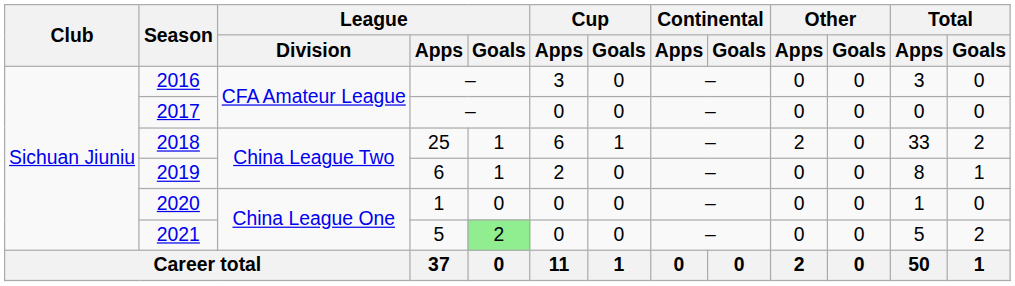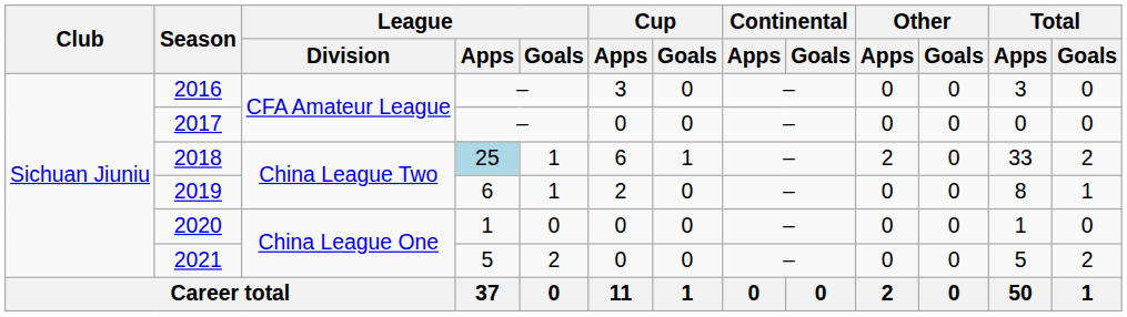 <table class="wikitable" style="text-align: center">
 <tr>
 <th rowspan="2">Club</th>
 <th rowspan="2">Season</th>
 <th colspan="3">League</th>
 <th colspan="2">Cup</th>
 <th colspan="2">Continental</th>
 <th colspan="2">Other</th>
 <th colspan="2">Total</th>
 </tr>
 <tr>
 <th>Division</th>
 <th>Apps</th>
 <th>Goals</th>
 <th>Apps</th>
 <th>Goals</th>
 <th>Apps</th>
 <th>Goals</th>
 <th>Apps</th>
 <th>Goals</th>
 <th>Apps</th>
 <th>Goals</th>
 </tr>
 <tr>
 <td rowspan="6"><a href='#'>Sichuan Jiuniu</a></td>
 <td><a href='#'>2016</a></td>
 <td rowspan="2"><a href='#'>CFA Amateur League</a></td>
 <td colspan="2">–</td>
 <td>3</td>
 <td>0</td>
 <td colspan="2">–</td>
 <td>0</td>
 <td>0</td>
 <td>3</td>
 <td>0</td>
 </tr>
 <tr>
 <td><a href='#'>2017</a></td>
 <td colspan="2">–</td>
 <td>0</td>
 <td>0</td>
 <td colspan="2">–</td>
 <td>0</td>
 <td>0</td>
 <td>0</td>
 <td>0</td>
 </tr>
 <tr>
 <td><a href='#'>2018</a></td>
 <td rowspan="2"><a href='#'>China League Two</a></td>
-<td>25</td>
+<td style="background: lightblue;">25</td>
 <td>1</td>
 <td>6</td>
 <td>1</td>
 <td colspan="2">–</td>
 <td>2</td>
 <td>0</td>
 <td>33</td>
 <td>2</td>
 </tr>
 <tr>
 <td><a href='#'>2019</a></td>
 <td>6</td>
 <td>1</td>
 <td>2</td>
 <td>0</td>
 <td colspan="2">–</td>
 <td>0</td>
 <td>0</td>
 <td>8</td>
 <td>1</td>
 </tr>
 <tr>
 <td><a href='#'>2020</a></td>
 <td rowspan="2"><a href='#'>China League One</a></td>
 <td>1</td>
 <td>0</td>
 <td>0</td>
 <td>0</td>
 <td colspan="2">–</td>
 <td>0</td>
 <td>0</td>
 <td>1</td>
 <td>0</td>
 </tr>
 <tr>
 <td><a href='#'>2021</a></td>
 <td>5</td>
-<td style="background: lightgreen;">2</td>
+<td>2</td>
 <td>0</td>
 <td>0</td>
 <td colspan="2">–</td>
 <td>0</td>
 <td>0</td>
 <td>5</td>
 <td>2</td>
 </tr>
 <tr>
 <th colspan=3>Career total</th>
 <th>37</th>
 <th>0</th>
 <th>11</th>
 <th>1</th>
 <th>0</th>
 <th>0</th>
 <th>2</th>
 <th>0</th>
 <th>50</th>
 <th>1</th>
 </tr>
 </table>
